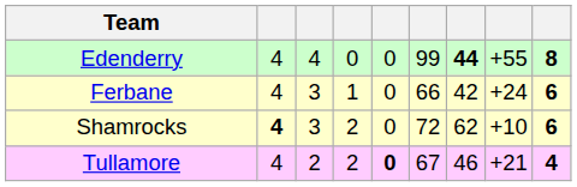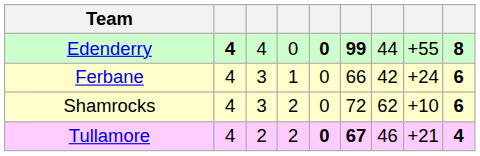 <table class="wikitable" style="text-align:center">
 <tr>
 <th style="width:175px;">Team</th>
 <th width="20"></th>
 <th width="20"></th>
 <th width="20"></th>
 <th width="20"></th>
 <th width="20"></th>
 <th width="20"></th>
 <th width="20"></th>
 <th width="20"></th>
 </tr>
 <tr style="background:#cfc;">
 <td><a href='#'>Edenderry</a></td>
-<td>4</td>
+<td><strong>4</strong></td>
 <td>4</td>
 <td>0</td>
-<td>0</td>
-<td>99</td>
-<td><strong>44</strong></td>
+<td><strong>0</strong></td>
+<td><strong>99</strong></td>
+<td>44</td>
 <td>+55</td>
 <td><strong>8</strong></td>
 </tr>
 <tr style="background:#ffffcc;">
 <td><a href='#'>Ferbane</a></td>
 <td>4</td>
 <td>3</td>
 <td>1</td>
 <td>0</td>
 <td>66</td>
 <td>42</td>
 <td>+24</td>
 <td><strong>6</strong></td>
 </tr>
 <tr style="background:#ffffcc;">
 <td>Shamrocks</td>
-<td><strong>4</strong></td>
+<td>4</td>
 <td>3</td>
 <td>2</td>
 <td>0</td>
 <td>72</td>
 <td>62</td>
 <td>+10</td>
 <td><strong>6</strong></td>
 </tr>
 <tr style="background:#fcf;">
 <td><a href='#'>Tullamore</a></td>
 <td>4</td>
 <td>2</td>
 <td>2</td>
 <td><strong>0</strong></td>
-<td>67</td>
+<td><strong>67</strong></td>
 <td>46</td>
 <td>+21</td>
 <td><strong>4</strong></td>
 </tr>
 </table>
